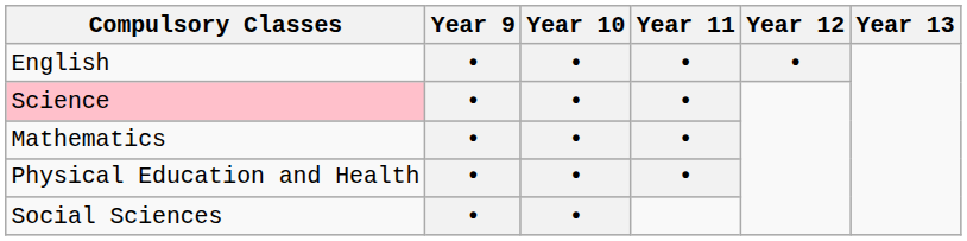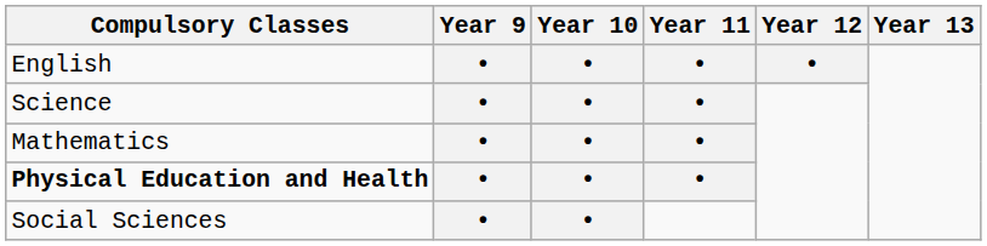 <table class="wikitable">
 <tr>
 <th>Compulsory Classes</th>
 <th>Year 9</th>
 <th>Year 10</th>
 <th>Year 11</th>
 <th>Year 12</th>
 <th>Year 13</th>
 </tr>
 <tr>
 <td>English</td>
 <th>•</th>
 <th>•</th>
 <th>•</th>
 <th>•</th>
 <td rowspan="5"></td>
 </tr>
 <tr>
-<td style="background: pink;">Science</td>
+<td>Science</td>
 <th>•</th>
 <th>•</th>
 <th>•</th>
 <td rowspan="4"></td>
 </tr>
 <tr>
 <td>Mathematics</td>
 <th>•</th>
 <th>•</th>
 <th>•</th>
 </tr>
 <tr>
-<td>Physical Education and Health</td>
+<td><strong>Physical Education and Health</strong></td>
 <th>•</th>
 <th>•</th>
 <th>•</th>
 </tr>
 <tr>
 <td>Social Sciences</td>
 <th>•</th>
 <th>•</th>
 <td></td>
 </tr>
 </table>
